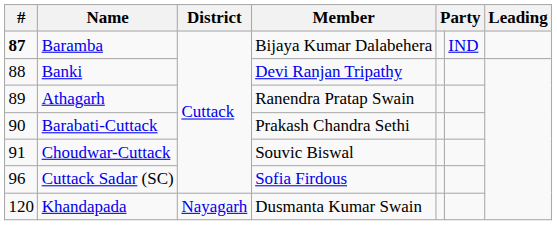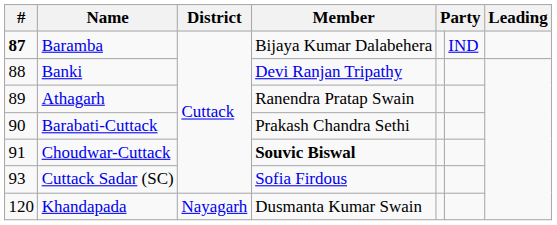 <table class="wikitable">
 <tr>
 <th>#</th>
 <th>Name</th>
 <th>District</th>
 <th>Member</th>
 <th colspan="2">Party</th>
 <th colspan="2">Leading<br></th>
 </tr>
 <tr>
 <td><strong>87</strong></td>
 <td><a href='#'>Baramba</a></td>
 <td rowspan="6"><a href='#'>Cuttack</a></td>
 <td>Bijaya Kumar Dalabehera</td>
 <td style="background-color: "></td>
 <td><a href='#'>IND</a></td>
 <td></td>
 </tr>
 <tr>
 <td>88</td>
 <td><a href='#'>Banki</a></td>
 <td><a href='#'>Devi Ranjan Tripathy</a></td>
 <td></td>
 <td></td>
 </tr>
 <tr>
 <td>89</td>
 <td><a href='#'>Athagarh</a></td>
 <td>Ranendra Pratap Swain</td>
 <td></td>
 <td></td>
 </tr>
 <tr>
 <td>90</td>
 <td><a href='#'>Barabati-Cuttack</a></td>
 <td>Prakash Chandra Sethi</td>
 <td></td>
 <td></td>
 </tr>
 <tr>
 <td>91</td>
 <td><a href='#'>Choudwar-Cuttack</a></td>
-<td>Souvic Biswal</td>
+<td><strong>Souvic Biswal</strong></td>
 <td></td>
 <td></td>
 </tr>
 <tr>
-<td>96</td>
+<td>93</td>
 <td><a href='#'>Cuttack Sadar</a> (SC)</td>
 <td><a href='#'>Sofia Firdous</a></td>
 <td></td>
 <td></td>
 </tr>
 <tr>
 <td>120</td>
 <td><a href='#'>Khandapada</a></td>
 <td><a href='#'>Nayagarh</a></td>
 <td>Dusmanta Kumar Swain</td>
 <td></td>
 <td></td>
 </tr>
 </table>
